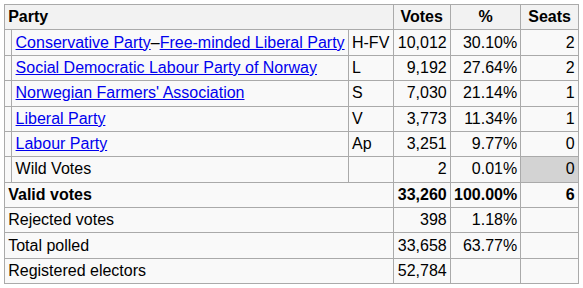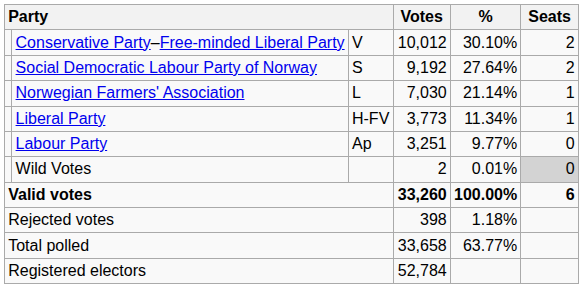 <table class="wikitable" border="1" style="text-align:right;">
 <tr>
 <th style="text-align:left;" colspan=3>Party</th>
 <th align=center width="50">Votes</th>
 <th align=center width="50">%</th>
 <th align=center width="50">Seats</th>
 </tr>
 <tr>
 <td></td>
 <td align=left><a href='#'>Conservative Party</a>–<a href='#'>Free-minded Liberal Party</a></td>
-<td align=left>H-FV</td>
+<td align=left>V</td>
 <td>10,012</td>
 <td>30.10%</td>
 <td>2</td>
 </tr>
 <tr>
 <td style="color:inherit;background:"></td>
 <td align=left><a href='#'>Social Democratic Labour Party of Norway</a></td>
-<td align=left>L</td>
+<td align=left>S</td>
 <td>9,192</td>
 <td>27.64%</td>
 <td>2</td>
 </tr>
 <tr>
 <td style="color:inherit;background:"></td>
 <td align=left><a href='#'>Norwegian Farmers' Association</a></td>
-<td align=left>S</td>
+<td align=left>L</td>
 <td>7,030</td>
 <td>21.14%</td>
 <td>1</td>
 </tr>
 <tr>
 <td style="color:inherit;background:"></td>
 <td align=left><a href='#'>Liberal Party</a></td>
-<td align=left>V</td>
+<td align=left>H-FV</td>
 <td>3,773</td>
 <td>11.34%</td>
 <td>1</td>
 </tr>
 <tr>
 <td style="color:inherit;background:"></td>
 <td align=left><a href='#'>Labour Party</a></td>
 <td align=left>Ap</td>
 <td>3,251</td>
 <td>9.77%</td>
 <td>0</td>
 </tr>
 <tr>
 <td></td>
 <td align=left>Wild Votes</td>
 <td align=left></td>
 <td>2</td>
 <td>0.01%</td>
 <td style="background: lightgrey;">0</td>
 </tr>
 <tr style="font-weight:bold">
 <td align=left colspan=3>Valid votes</td>
 <td>33,260</td>
 <td>100.00%</td>
 <td>6</td>
 </tr>
 <tr>
 <td align=left colspan=3>Rejected votes</td>
 <td>398</td>
 <td>1.18%</td>
 <td></td>
 </tr>
 <tr>
 <td align=left colspan=3>Total polled</td>
 <td>33,658</td>
 <td>63.77%</td>
 <td></td>
 </tr>
 <tr>
 <td align=left colspan=3>Registered electors</td>
 <td>52,784</td>
 <td></td>
 <td></td>
 </tr>
 </table>
